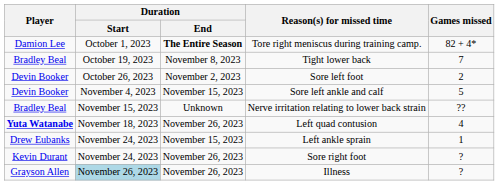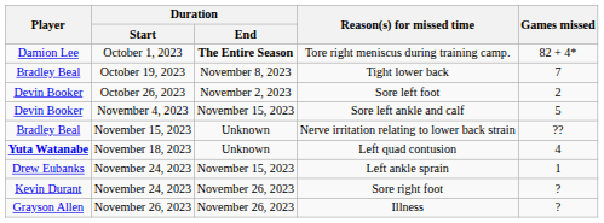 <table class="wikitable sortable collapsible" style="text-align:center;">
 <tr>
 <th rowspan="2">Player</th>
 <th colspan="2">Duration</th>
 <th rowspan="2">Reason(s) for missed time</th>
 <th rowspan="2">Games missed</th>
 </tr>
 <tr>
 <th>Start</th>
 <th>End</th>
 </tr>
 <tr>
 <td><a href='#'>Damion Lee</a></td>
 <td>October 1, 2023</td>
 <td><strong>The Entire Season</strong></td>
 <td>Tore right meniscus during training camp.</td>
 <td>82 + 4*</td>
 </tr>
 <tr>
 <td><a href='#'>Bradley Beal</a></td>
 <td>October 19, 2023</td>
 <td>November 8, 2023</td>
 <td>Tight lower back</td>
 <td>7</td>
 </tr>
 <tr>
 <td><a href='#'>Devin Booker</a></td>
 <td>October 26, 2023</td>
 <td>November 2, 2023</td>
 <td>Sore left foot</td>
 <td>2</td>
 </tr>
 <tr>
 <td><a href='#'>Devin Booker</a></td>
 <td>November 4, 2023</td>
 <td>November 15, 2023</td>
 <td>Sore left ankle and calf</td>
 <td>5</td>
 </tr>
 <tr>
 <td><a href='#'>Bradley Beal</a></td>
 <td>November 15, 2023</td>
 <td>Unknown</td>
 <td>Nerve irritation relating to lower back strain</td>
 <td>??</td>
 </tr>
 <tr>
 <td><strong><a href='#'>Yuta Watanabe</a></strong></td>
 <td>November 18, 2023</td>
-<td>November 26, 2023</td>
+<td>Unknown</td>
 <td>Left quad contusion</td>
 <td>4</td>
 </tr>
 <tr>
 <td><a href='#'>Drew Eubanks</a></td>
 <td>November 24, 2023</td>
 <td>November 15, 2023</td>
 <td>Left ankle sprain</td>
 <td>1</td>
 </tr>
 <tr>
 <td><a href='#'>Kevin Durant</a></td>
 <td>November 24, 2023</td>
 <td>November 26, 2023</td>
 <td>Sore right foot</td>
 <td>?</td>
 </tr>
 <tr>
 <td><a href='#'>Grayson Allen</a></td>
-<td style="background: lightblue;">November 26, 2023</td>
+<td>November 26, 2023</td>
 <td>November 26, 2023</td>
 <td>Illness</td>
 <td>?</td>
 </tr>
 </table>
